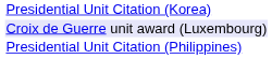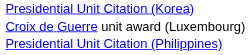 <table>
 <tr>
 <td> <a href='#'>Presidential Unit Citation (Korea)</a></td>
 </tr>
 <tr>
-<td style="background: lavender;"> <a href='#'>Croix de Guerre</a> unit award (Luxembourg)</td>
+<td> <a href='#'>Croix de Guerre</a> unit award (Luxembourg)</td>
 </tr>
 <tr>
 <td> <a href='#'>Presidential Unit Citation (Philippines)</a></td>
 </tr>
 <tr>
 </tr>
 </table>
